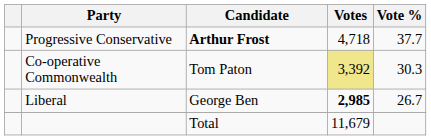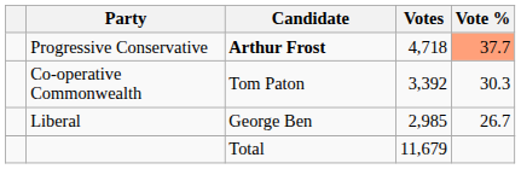 <table class="wikitable">
 <tr>
 <th></th>
 <th scope="col" width="175">Party</th>
 <th scope="col" width="150">Candidate</th>
 <th>Votes</th>
 <th>Vote %</th>
 </tr>
 <tr>
 <td>   </td>
 <td>Progressive Conservative</td>
 <td><strong>Arthur Frost</strong></td>
 <td align=right>4,718</td>
-<td align=right>37.7</td>
+<td align=right style="background: lightsalmon;">37.7</td>
 </tr>
 <tr |>
 <td>   </td>
 <td>Co-operative Commonwealth</td>
 <td>Tom Paton</td>
-<td align=right style="background: khaki;">3,392</td>
+<td align=right>3,392</td>
 <td align=right>30.3</td>
 </tr>
 <tr |>
 <td>   </td>
 <td>Liberal</td>
 <td>George Ben</td>
-<td align=right><strong>2,985</strong></td>
+<td align=right>2,985</td>
 <td align=right>26.7</td>
 </tr>
 <tr |>
 </tr>
 <tr |>
 <td></td>
 <td></td>
 <td>Total</td>
 <td align=right>11,679</td>
 <td></td>
 </tr>
 </table>
